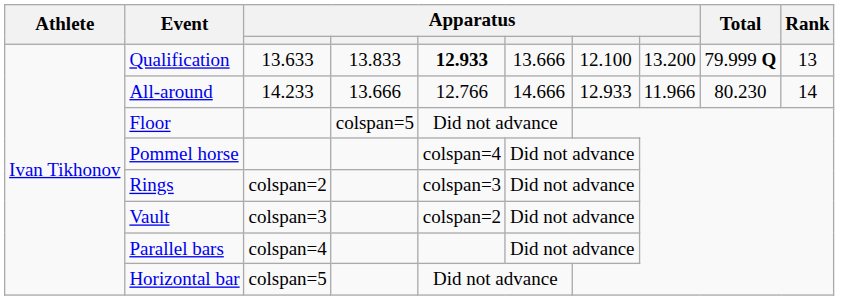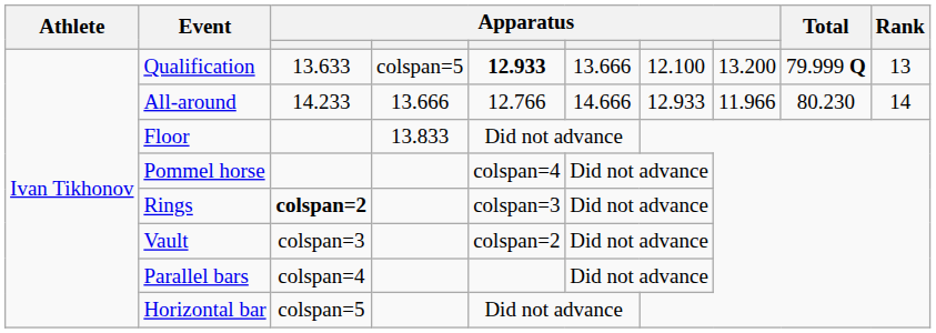 <table class="wikitable" style="text-align:center; font-size:90%">
 <tr>
 <th rowspan=2>Athlete</th>
 <th rowspan=2>Event</th>
 <th colspan=6>Apparatus</th>
 <th rowspan=2>Total</th>
 <th rowspan=2>Rank</th>
 </tr>
 <tr style="font-size:95%">
 <th></th>
 <th></th>
 <th></th>
 <th></th>
 <th></th>
 <th></th>
 </tr>
 <tr>
 <td rowspan=8 align=left><a href='#'>Ivan Tikhonov</a></td>
 <td align=left><a href='#'>Qualification</a></td>
 <td>13.633</td>
-<td>13.833</td>
+<td>colspan=5 </td>
 <td><strong>12.933</strong></td>
 <td>13.666</td>
 <td>12.100</td>
 <td>13.200</td>
 <td>79.999 <strong>Q</strong></td>
 <td>13</td>
 </tr>
 <tr>
 <td align=left><a href='#'>All-around</a></td>
 <td>14.233</td>
 <td>13.666</td>
 <td>12.766</td>
 <td>14.666</td>
 <td>12.933</td>
 <td>11.966</td>
 <td>80.230</td>
 <td>14</td>
 </tr>
 <tr>
 <td align=left><a href='#'>Floor</a></td>
 <td></td>
-<td>colspan=5 </td>
+<td>13.833</td>
 <td colspan=2>Did not advance</td>
 </tr>
 <tr>
 <td align=left><a href='#'>Pommel horse</a></td>
 <td></td>
 <td></td>
 <td>colspan=4 </td>
 <td colspan=2>Did not advance</td>
 </tr>
 <tr>
 <td align=left><a href='#'>Rings</a></td>
-<td>colspan=2 </td>
+<td><strong>colspan=2 </strong></td>
 <td></td>
 <td>colspan=3 </td>
 <td colspan=2>Did not advance</td>
 </tr>
 <tr>
 <td align=left><a href='#'>Vault</a></td>
 <td>colspan=3 </td>
 <td></td>
 <td>colspan=2 </td>
 <td colspan=2>Did not advance</td>
 </tr>
 <tr>
 <td align=left><a href='#'>Parallel bars</a></td>
 <td>colspan=4 </td>
 <td></td>
 <td></td>
 <td colspan=2>Did not advance</td>
 </tr>
 <tr>
 <td align=left><a href='#'>Horizontal bar</a></td>
 <td>colspan=5 </td>
 <td></td>
 <td colspan=2>Did not advance</td>
 </tr>
 </table>
